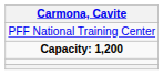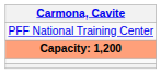 <table class="wikitable" style="text-align:center" align=right>
 <tr>
 <th><a href='#'>Carmona, Cavite</a></th>
 </tr>
 <tr>
 <td><a href='#'>PFF National Training Center</a></td>
 </tr>
 <tr>
-<td><strong>Capacity: 1,200</strong></td>
+<td style="background: lightsalmon;"><strong>Capacity: 1,200</strong></td>
 </tr>
 <tr>
 <td></td>
 </tr>
 <tr>
 <th></th>
 </tr>
 </table>
